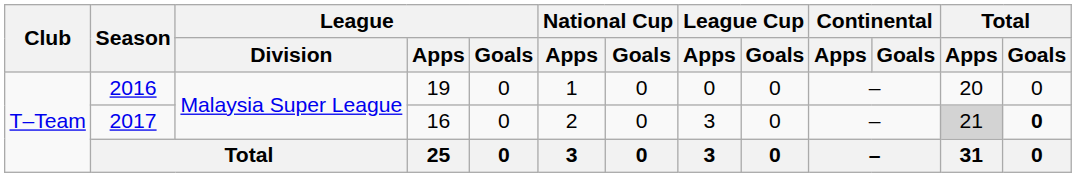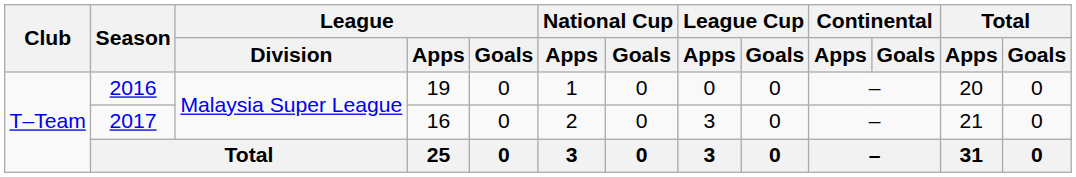 <table class="wikitable" style="text-align:center">
 <tr>
 <th rowspan="2">Club</th>
 <th rowspan="2">Season</th>
 <th colspan="3">League</th>
 <th colspan="2">National Cup</th>
 <th colspan="2">League Cup</th>
 <th colspan="2">Continental</th>
 <th colspan="2">Total</th>
 </tr>
 <tr>
 <th>Division</th>
 <th>Apps</th>
 <th>Goals</th>
 <th>Apps</th>
 <th>Goals</th>
 <th>Apps</th>
 <th>Goals</th>
 <th>Apps</th>
 <th>Goals</th>
 <th>Apps</th>
 <th>Goals</th>
 </tr>
 <tr>
 <td rowspan="3"><a href='#'>T–Team</a></td>
 <td><a href='#'>2016</a></td>
 <td rowspan="2"><a href='#'>Malaysia Super League</a></td>
 <td>19</td>
 <td>0</td>
 <td>1</td>
 <td>0</td>
 <td>0</td>
 <td>0</td>
 <td colspan="2">–</td>
 <td>20</td>
 <td>0</td>
 </tr>
 <tr>
 <td><a href='#'>2017</a></td>
 <td>16</td>
 <td>0</td>
 <td>2</td>
 <td>0</td>
 <td>3</td>
 <td>0</td>
 <td colspan="2">–</td>
-<td style="background: lightgrey;">21</td>
-<td><strong>0</strong></td>
+<td>21</td>
+<td>0</td>
 </tr>
 <tr>
 <th colspan="2">Total</th>
 <th>25</th>
 <th>0</th>
 <th>3</th>
 <th>0</th>
 <th>3</th>
 <th>0</th>
 <th colspan="2">–</th>
 <th>31</th>
 <th>0</th>
 </tr>
 </table>
